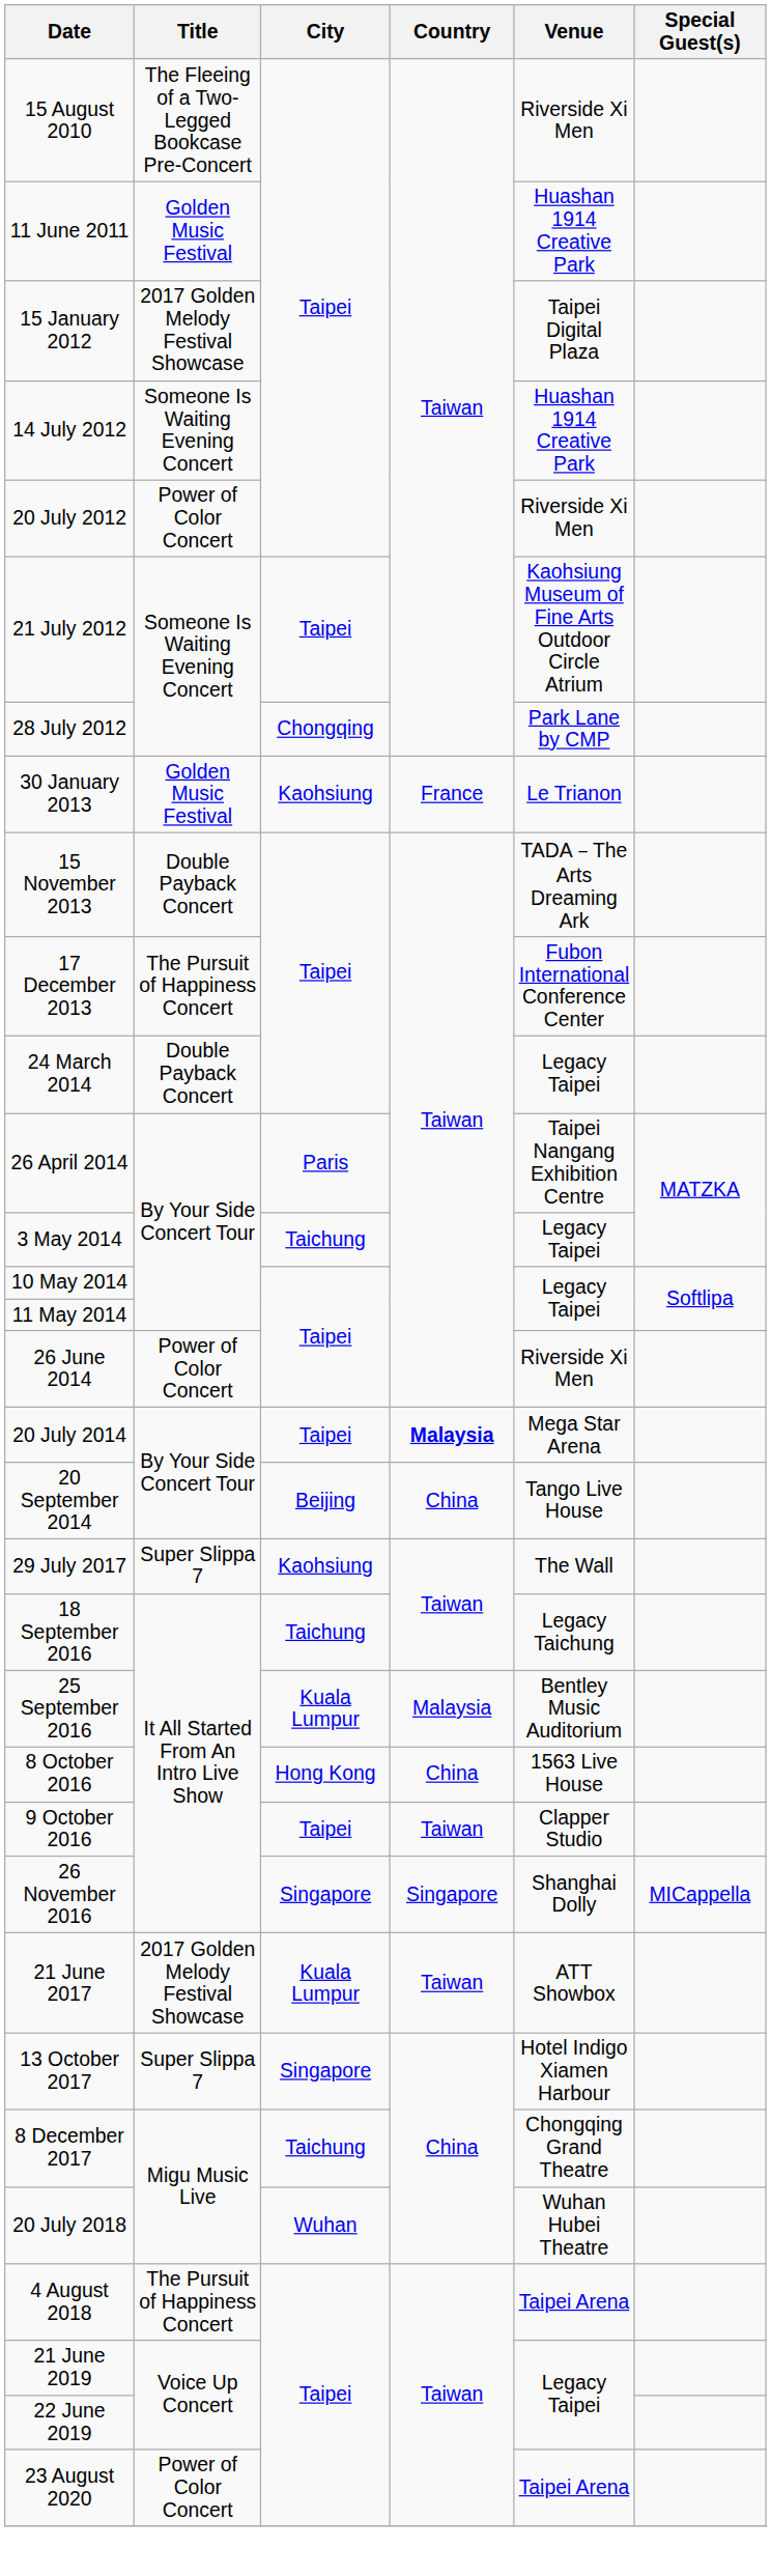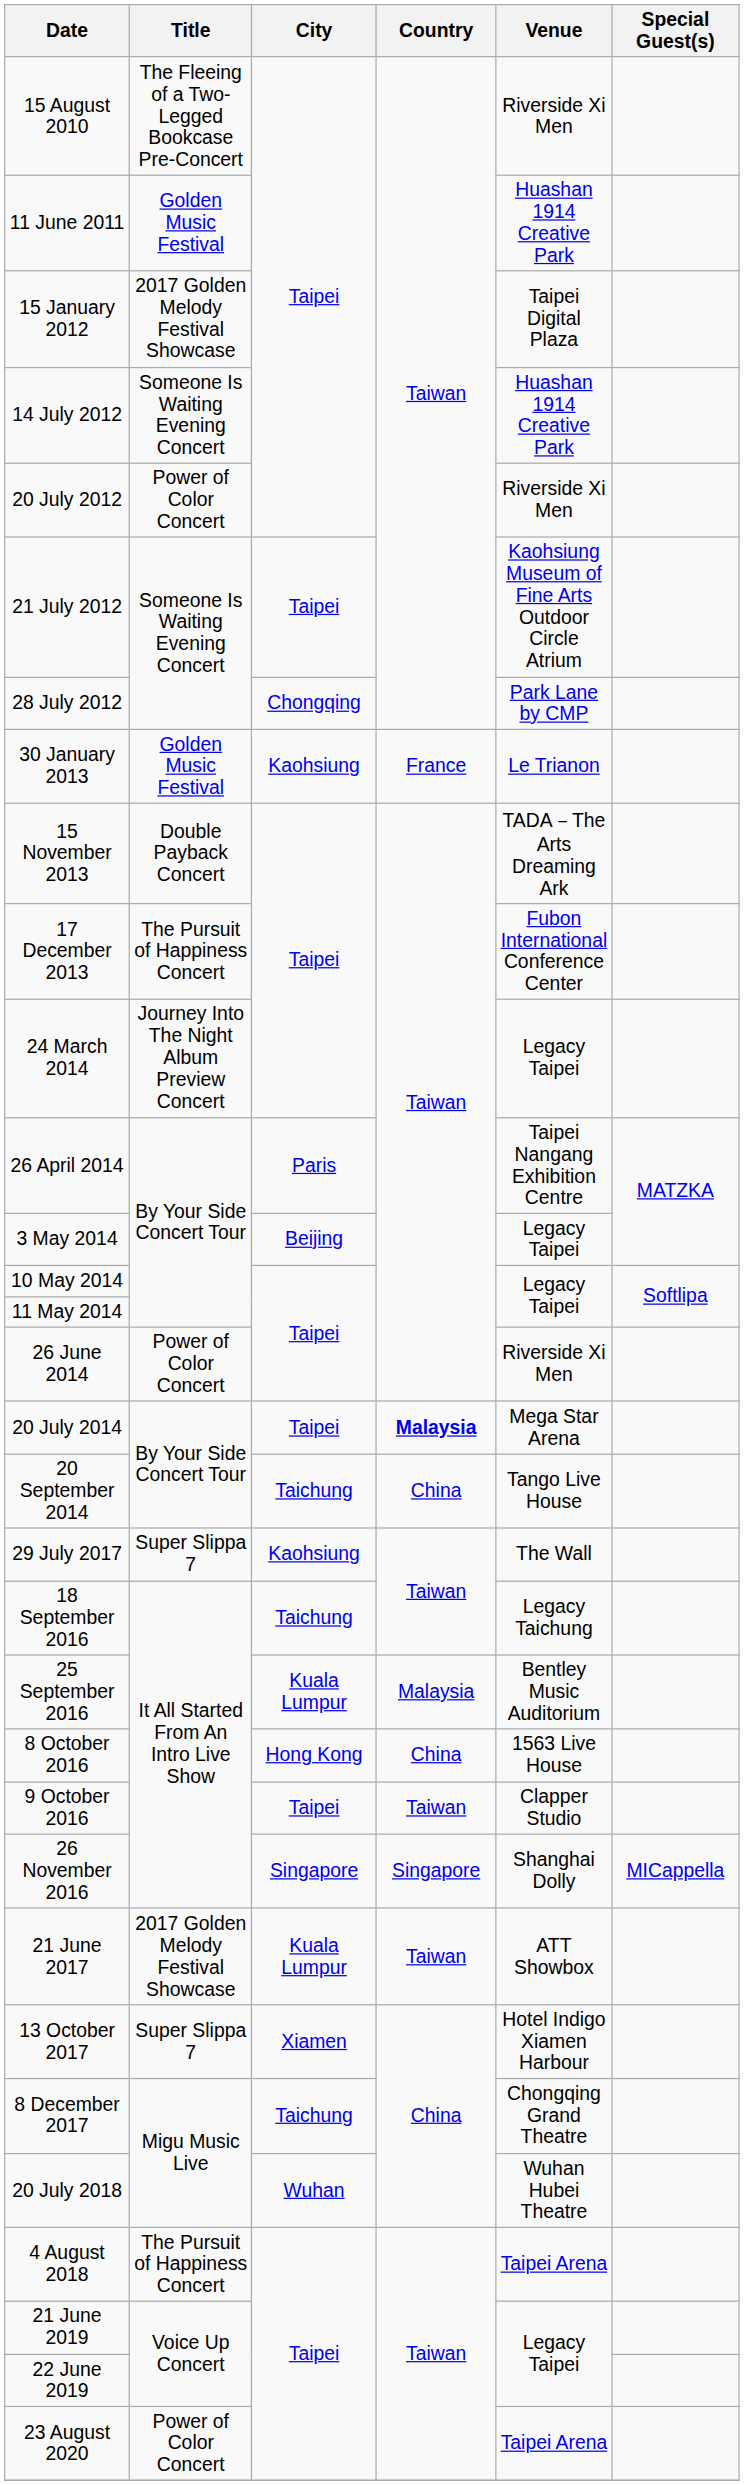 <table class="wikitable" style="text-align:center;">
 <tr>
 <th width="150px">Date</th>
 <th width="150px">Title</th>
 <th width="150px">City</th>
 <th width="150px">Country</th>
 <th>Venue</th>
 <th width="150px">Special Guest(s)</th>
 </tr>
 <tr>
 <td>15 August 2010</td>
 <td>The Fleeing of a Two-Legged Bookcase Pre-Concert</td>
 <td rowspan="5"><a href='#'>Taipei</a></td>
 <td rowspan="7"><a href='#'>Taiwan</a></td>
 <td>Riverside Xi Men</td>
 <td></td>
 </tr>
 <tr>
 <td>11 June 2011</td>
 <td><a href='#'>Golden Music Festival</a></td>
 <td><a href='#'>Huashan 1914 Creative Park</a></td>
 <td></td>
 </tr>
 <tr>
 <td>15 January 2012</td>
 <td>2017 Golden Melody Festival Showcase</td>
 <td>Taipei Digital Plaza</td>
 <td></td>
 </tr>
 <tr>
 <td>14 July 2012</td>
 <td>Someone Is Waiting Evening Concert</td>
 <td><a href='#'>Huashan 1914 Creative Park</a></td>
 <td></td>
 </tr>
 <tr>
 <td>20 July 2012</td>
 <td>Power of Color Concert</td>
 <td>Riverside Xi Men</td>
 <td></td>
 </tr>
 <tr>
 <td>21 July 2012</td>
 <td rowspan="2">Someone Is Waiting Evening Concert</td>
 <td><a href='#'>Taipei</a></td>
 <td><a href='#'>Kaohsiung Museum of Fine Arts</a> Outdoor Circle Atrium</td>
 <td></td>
 </tr>
 <tr>
 <td>28 July 2012</td>
 <td><a href='#'>Chongqing</a></td>
 <td><a href='#'>Park Lane by CMP</a></td>
 <td></td>
 </tr>
 <tr>
 <td>30 January 2013</td>
 <td><a href='#'>Golden Music Festival</a></td>
 <td><a href='#'>Kaohsiung</a></td>
 <td><a href='#'>France</a></td>
 <td><a href='#'>Le Trianon</a></td>
 <td></td>
 </tr>
 <tr>
 <td>15 November 2013</td>
 <td>Double Payback Concert</td>
 <td rowspan="3"><a href='#'>Taipei</a></td>
 <td rowspan="8"><a href='#'>Taiwan</a></td>
 <td>TADA－The Arts Dreaming Ark</td>
 <td></td>
 </tr>
 <tr>
 <td>17 December 2013</td>
 <td>The Pursuit of Happiness Concert</td>
 <td><a href='#'>Fubon International</a> Conference Center</td>
 <td></td>
 </tr>
 <tr>
 <td>24 March 2014</td>
-<td>Double Payback Concert</td>
+<td>Journey Into The Night Album Preview Concert</td>
 <td>Legacy Taipei</td>
 <td></td>
 </tr>
 <tr>
 <td>26 April 2014</td>
 <td rowspan="4“">By Your Side Concert Tour</td>
 <td><a href='#'>Paris</a></td>
 <td>Taipei Nangang Exhibition Centre</td>
 <td rowspan="2"><a href='#'>MATZKA</a></td>
 </tr>
 <tr>
 <td>3 May 2014</td>
-<td><a href='#'>Taichung</a></td>
+<td><a href='#'>Beijing</a></td>
 <td>Legacy Taipei</td>
 </tr>
 <tr>
 <td>10 May 2014</td>
 <td rowspan="3"><a href='#'>Taipei</a></td>
 <td rowspan="2">Legacy Taipei</td>
 <td rowspan="2"><a href='#'>Softlipa</a></td>
 </tr>
 <tr>
 <td>11 May 2014</td>
 </tr>
 <tr>
 <td>26 June 2014</td>
 <td>Power of Color Concert</td>
 <td>Riverside Xi Men</td>
 <td></td>
 </tr>
 <tr>
 <td>20 July 2014</td>
 <td rowspan="2“">By Your Side Concert Tour</td>
 <td><a href='#'>Taipei</a></td>
 <td><strong><a href='#'>Malaysia</a></strong></td>
 <td>Mega Star Arena</td>
 <td></td>
 </tr>
 <tr>
 <td>20 September 2014</td>
-<td><a href='#'>Beijing</a></td>
+<td><a href='#'>Taichung</a></td>
 <td><a href='#'>China</a></td>
 <td>Tango Live House</td>
 <td></td>
 </tr>
 <tr>
 <td>29 July 2017</td>
 <td>Super Slippa 7</td>
 <td><a href='#'>Kaohsiung</a></td>
 <td rowspan="2“"><a href='#'>Taiwan</a></td>
 <td>The Wall</td>
 <td></td>
 </tr>
 <tr>
 <td>18 September 2016</td>
 <td rowspan="5“">It All Started From An Intro Live Show</td>
 <td><a href='#'>Taichung</a></td>
 <td>Legacy Taichung</td>
 <td></td>
 </tr>
 <tr>
 <td>25 September 2016</td>
 <td><a href='#'>Kuala Lumpur</a></td>
 <td><a href='#'>Malaysia</a></td>
 <td>Bentley Music Auditorium</td>
 <td></td>
 </tr>
 <tr>
 <td>8 October 2016</td>
 <td><a href='#'>Hong Kong</a></td>
 <td><a href='#'>China</a></td>
 <td>1563 Live House</td>
 <td></td>
 </tr>
 <tr>
 <td>9 October 2016</td>
 <td><a href='#'>Taipei</a></td>
 <td><a href='#'>Taiwan</a></td>
 <td>Clapper Studio</td>
 <td></td>
 </tr>
 <tr>
 <td>26 November 2016</td>
 <td><a href='#'>Singapore</a></td>
 <td><a href='#'>Singapore</a></td>
 <td>Shanghai Dolly</td>
 <td><a href='#'>MICappella</a></td>
 </tr>
 <tr>
 <td>21 June 2017</td>
 <td>2017 Golden Melody Festival Showcase</td>
 <td><a href='#'>Kuala Lumpur</a></td>
 <td><a href='#'>Taiwan</a></td>
 <td>ATT Showbox</td>
 <td></td>
 </tr>
 <tr>
 <td>13 October 2017</td>
 <td>Super Slippa 7</td>
-<td><a href='#'>Singapore</a></td>
+<td><a href='#'>Xiamen</a></td>
 <td rowspan="3“"><a href='#'>China</a></td>
 <td>Hotel Indigo Xiamen Harbour</td>
 <td></td>
 </tr>
 <tr>
 <td>8 December 2017</td>
 <td rowspan="2“">Migu Music Live</td>
 <td><a href='#'>Taichung</a></td>
 <td>Chongqing Grand Theatre</td>
 <td></td>
 </tr>
 <tr>
 <td>20 July 2018</td>
 <td><a href='#'>Wuhan</a></td>
 <td>Wuhan Hubei Theatre</td>
 <td></td>
 </tr>
 <tr>
 <td>4 August 2018</td>
 <td>The Pursuit of Happiness Concert</td>
 <td rowspan="4"><a href='#'>Taipei</a></td>
 <td rowspan="4"><a href='#'>Taiwan</a></td>
 <td><a href='#'>Taipei Arena</a></td>
 <td></td>
 </tr>
 <tr>
 <td>21 June 2019</td>
 <td rowspan="2“">Voice Up Concert</td>
 <td rowspan="2“">Legacy Taipei</td>
 <td></td>
 </tr>
 <tr>
 <td>22 June 2019</td>
 <td></td>
 </tr>
 <tr>
 <td>23 August 2020</td>
 <td>Power of Color Concert</td>
 <td><a href='#'>Taipei Arena</a></td>
 <td></td>
 </tr>
 <tr>
 </tr>
 </table>
